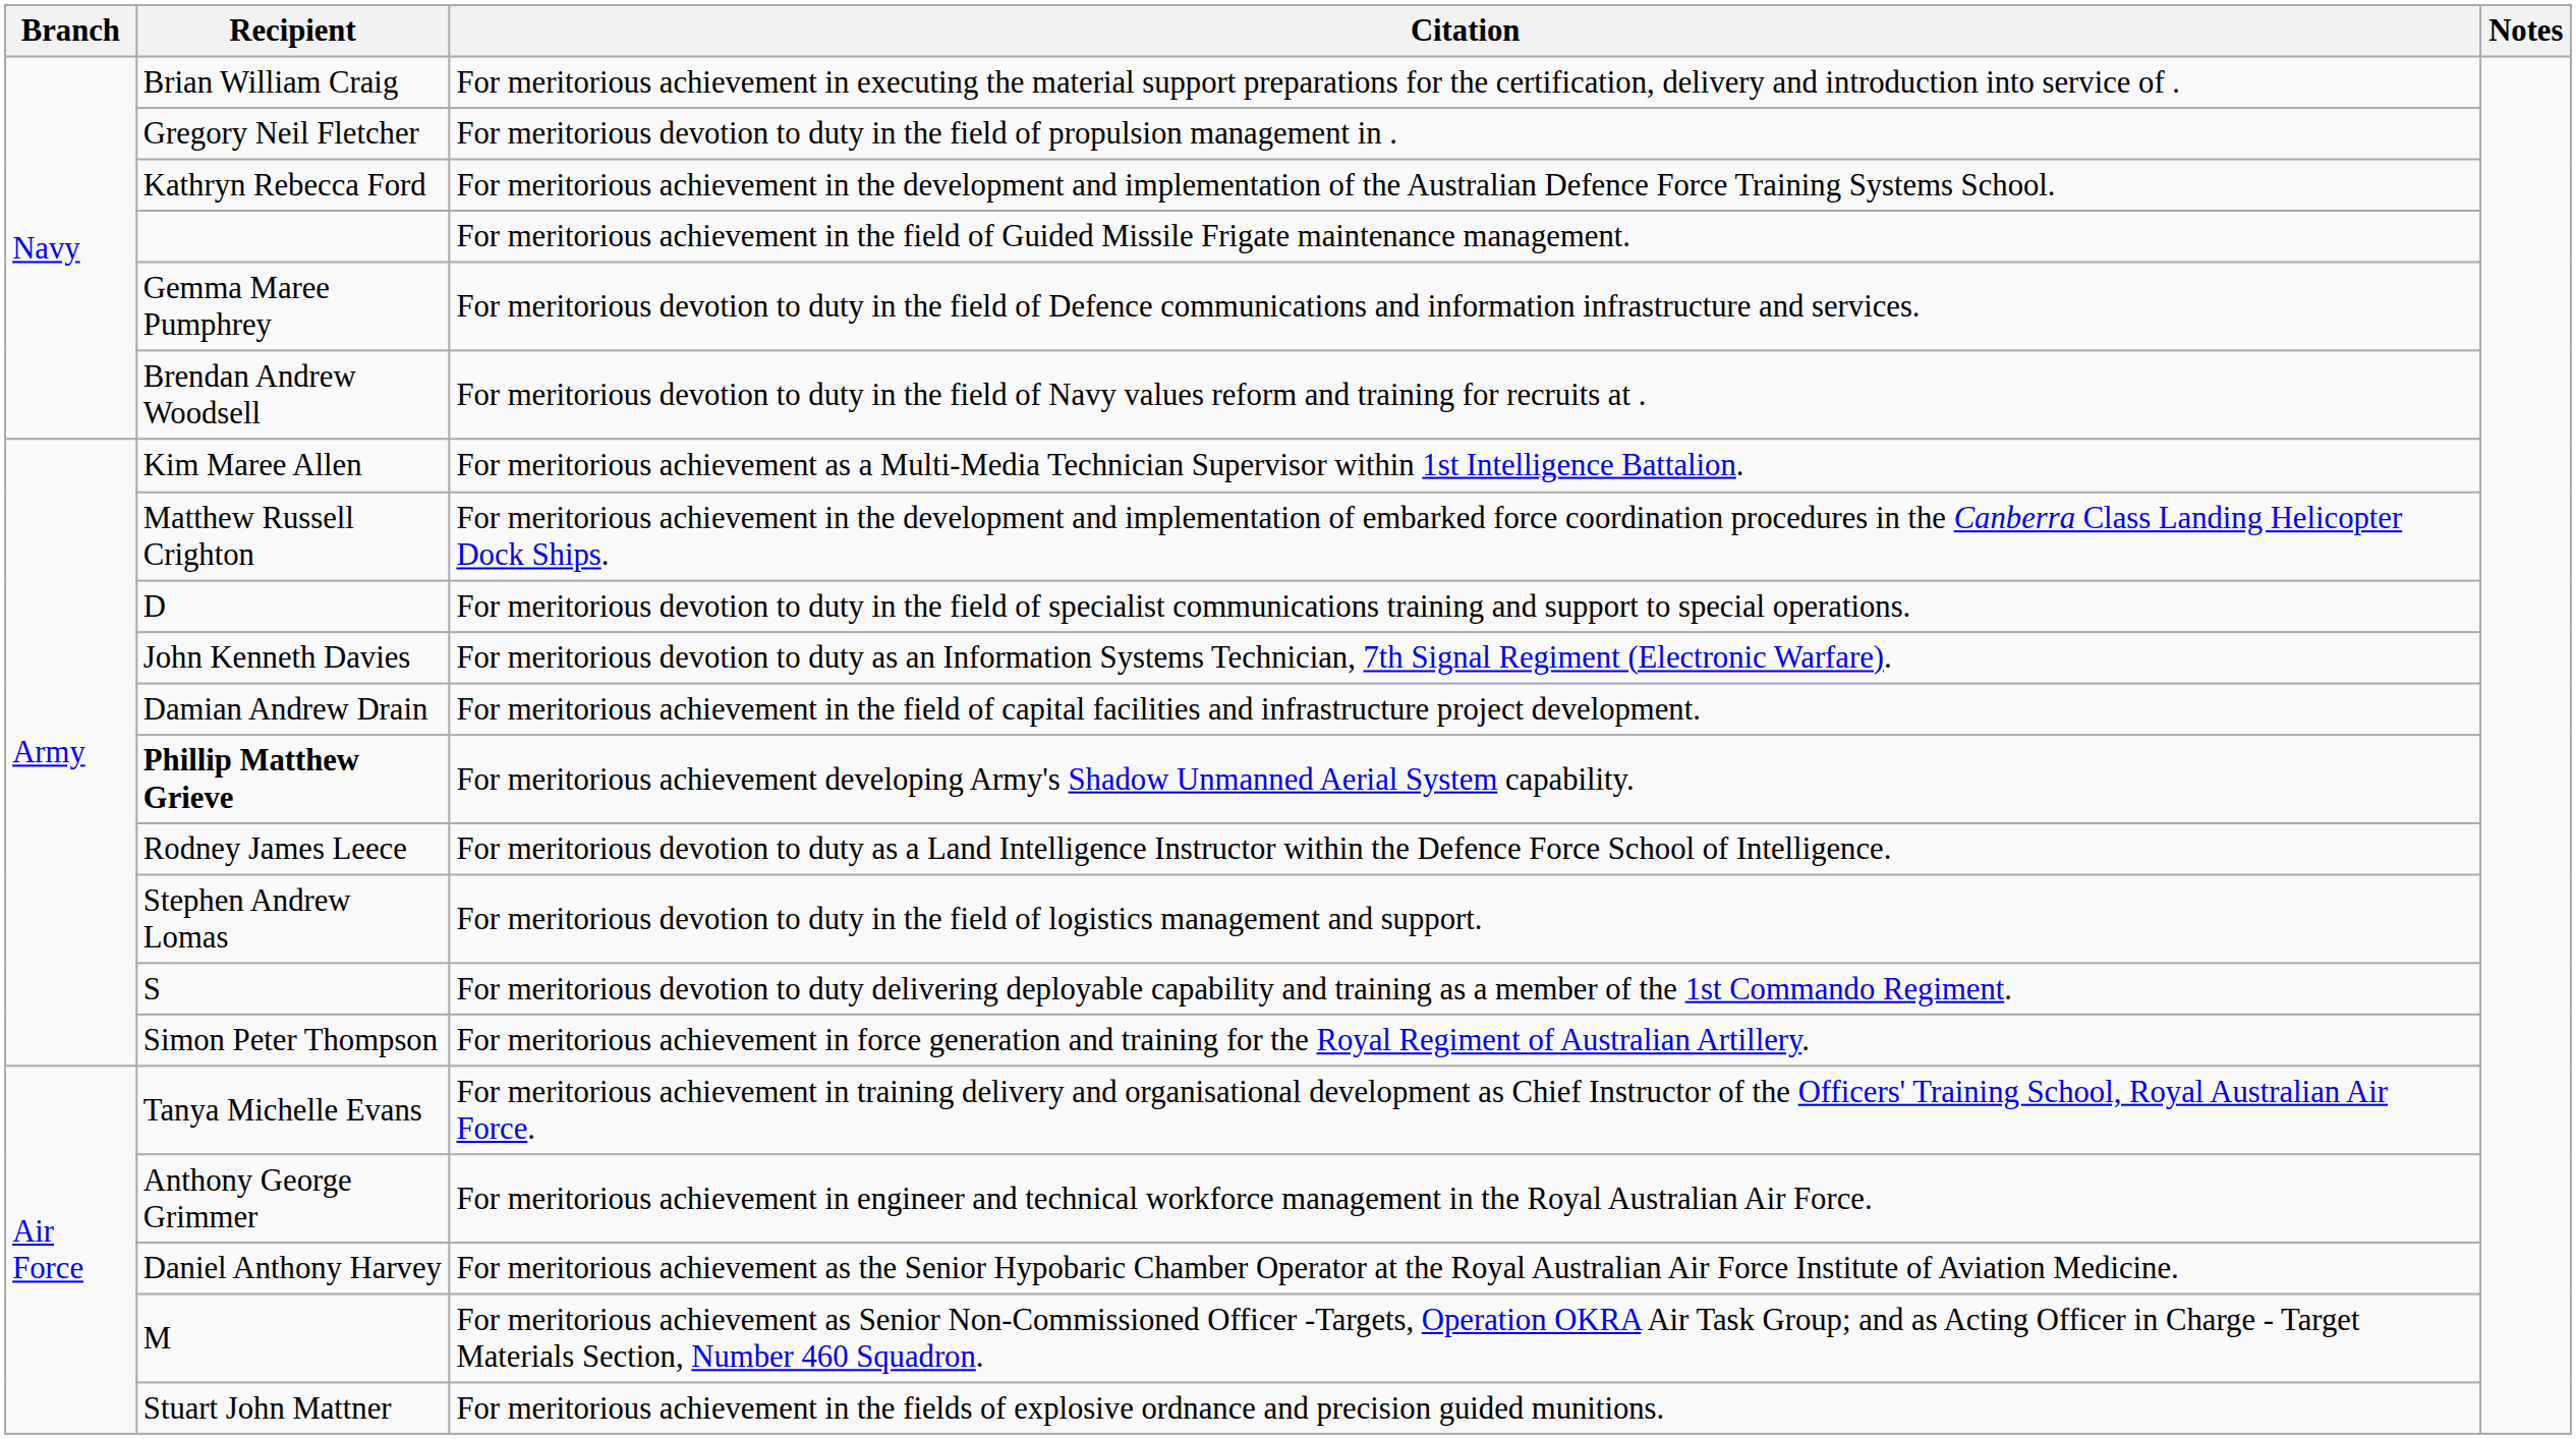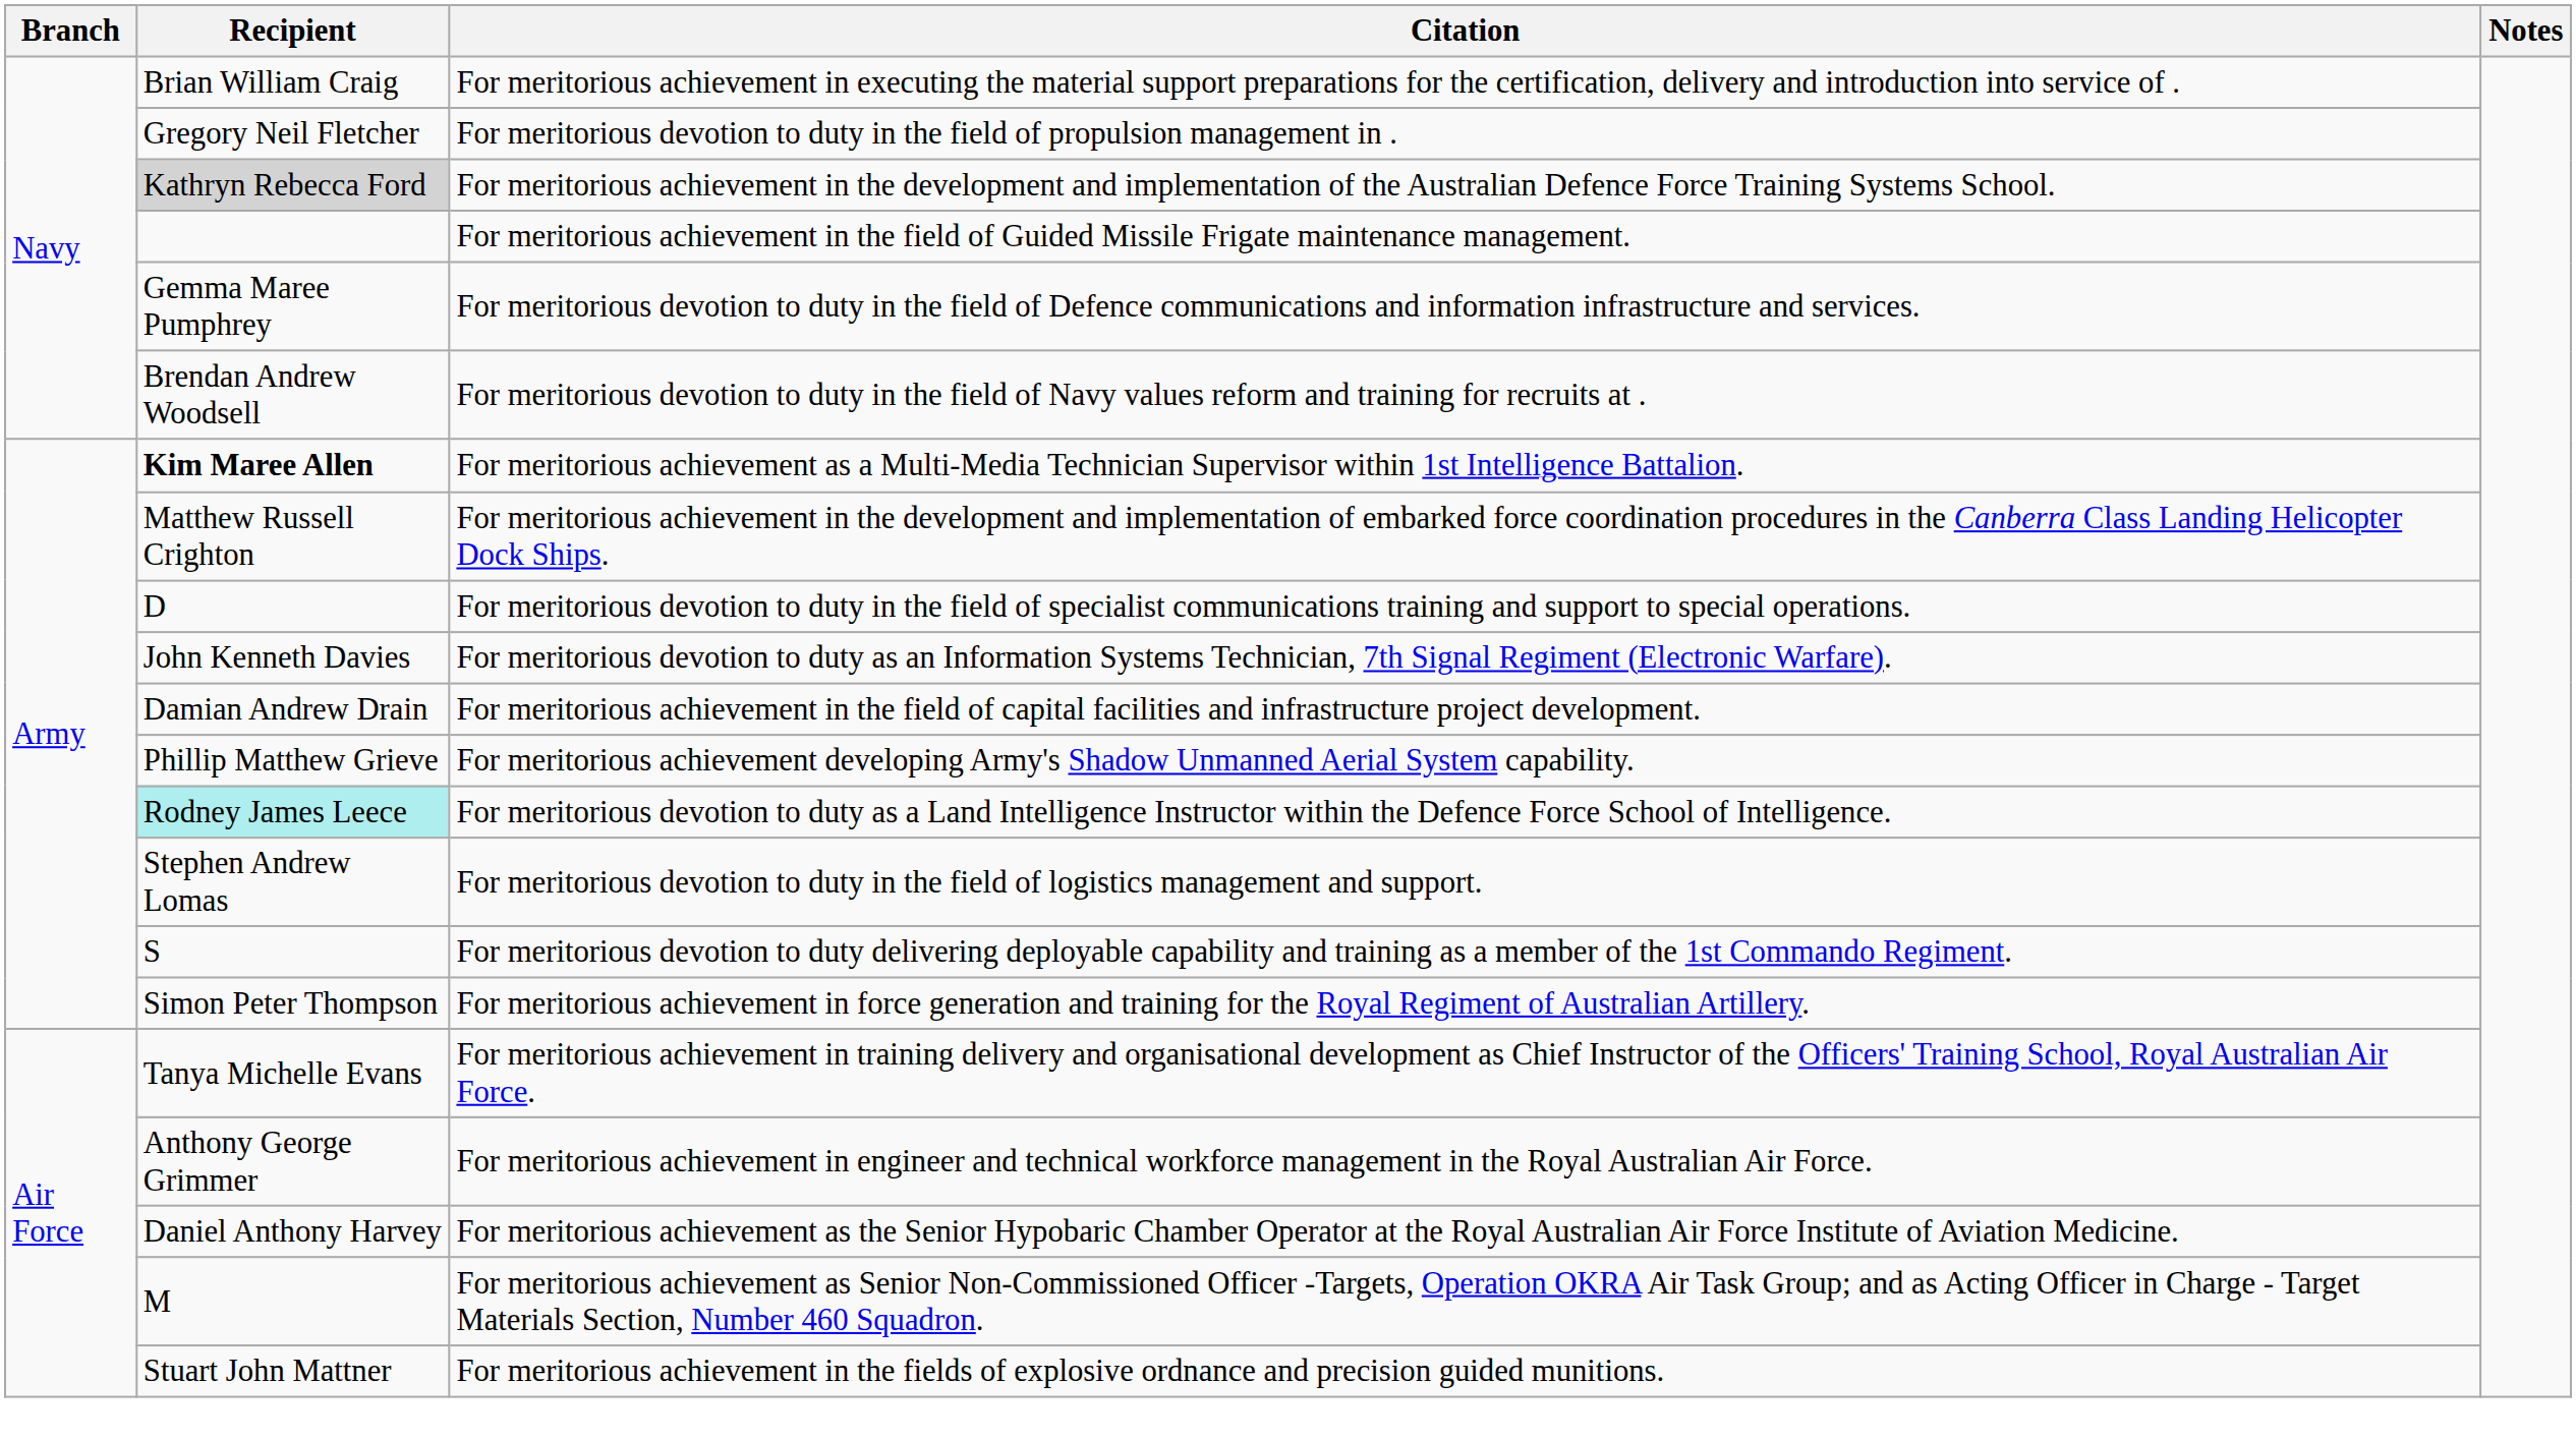 <table class="wikitable" style="font-size:95%;">
 <tr>
 <th>Branch</th>
 <th>Recipient</th>
 <th>Citation</th>
 <th>Notes</th>
 </tr>
 <tr>
 <td rowspan=6><a href='#'>Navy</a></td>
 <td> Brian William Craig</td>
 <td>For meritorious achievement in executing the material support preparations for the certification, delivery and introduction into service of .</td>
 <td rowspan=21></td>
 </tr>
 <tr>
 <td> Gregory Neil Fletcher</td>
 <td>For meritorious devotion to duty in the field of propulsion management in .</td>
 </tr>
 <tr>
-<td> Kathryn Rebecca Ford </td>
+<td style="background: lightgrey;"> Kathryn Rebecca Ford </td>
 <td>For meritorious achievement in the development and implementation of the Australian Defence Force Training Systems School.</td>
 </tr>
 <tr>
 <td></td>
 <td>For meritorious achievement in the field of Guided Missile Frigate maintenance management.</td>
 </tr>
 <tr>
 <td> Gemma Maree Pumphrey </td>
 <td>For meritorious devotion to duty in the field of Defence communications and information infrastructure and services.</td>
 </tr>
 <tr>
 <td> Brendan Andrew Woodsell </td>
 <td>For meritorious devotion to duty in the field of Navy values reform and training for recruits at .</td>
 </tr>
 <tr>
 <td rowspan=10><a href='#'>Army</a></td>
-<td> Kim Maree Allen</td>
+<td><strong> Kim Maree Allen</strong></td>
 <td>For meritorious achievement as a Multi-Media Technician Supervisor within <a href='#'>1st Intelligence Battalion</a>.</td>
 </tr>
 <tr>
 <td> Matthew Russell Crighton</td>
 <td>For meritorious achievement in the development and implementation of embarked force coordination procedures in the <a href='#'><em>Canberra</em> Class Landing Helicopter Dock Ships</a>.</td>
 </tr>
 <tr>
 <td> D</td>
 <td>For meritorious devotion to duty in the field of specialist communications training and support to special operations.</td>
 </tr>
 <tr>
 <td> John Kenneth Davies</td>
 <td>For meritorious devotion to duty as an Information Systems Technician, <a href='#'>7th Signal Regiment (Electronic Warfare)</a>.</td>
 </tr>
 <tr>
 <td> Damian Andrew Drain</td>
 <td>For meritorious achievement in the field of capital facilities and infrastructure project development.</td>
 </tr>
 <tr>
-<td><strong> Phillip Matthew Grieve</strong></td>
+<td> Phillip Matthew Grieve</td>
 <td>For meritorious achievement developing Army's <a href='#'>Shadow Unmanned Aerial System</a> capability.</td>
 </tr>
 <tr>
-<td> Rodney James Leece</td>
+<td style="background: paleturquoise;"> Rodney James Leece</td>
 <td>For meritorious devotion to duty as a Land Intelligence Instructor within the Defence Force School of Intelligence.</td>
 </tr>
 <tr>
 <td> Stephen Andrew Lomas</td>
 <td>For meritorious devotion to duty in the field of logistics management and support.</td>
 </tr>
 <tr>
 <td> S</td>
 <td>For meritorious devotion to duty delivering deployable capability and training as a member of the <a href='#'>1st Commando Regiment</a>.</td>
 </tr>
 <tr>
 <td> Simon Peter Thompson</td>
 <td>For meritorious achievement in force generation and training for the <a href='#'>Royal Regiment of Australian Artillery</a>.</td>
 </tr>
 <tr>
 <td rowspan=5><a href='#'>Air Force</a></td>
 <td> Tanya Michelle Evans</td>
 <td>For meritorious achievement in training delivery and organisational development as Chief Instructor of the <a href='#'>Officers' Training School, Royal Australian Air Force</a>.</td>
 </tr>
 <tr>
 <td> Anthony George Grimmer</td>
 <td>For meritorious achievement in engineer and technical workforce management in the Royal Australian Air Force.</td>
 </tr>
 <tr>
 <td> Daniel Anthony Harvey</td>
 <td>For meritorious achievement as the Senior Hypobaric Chamber Operator at the Royal Australian Air Force Institute of Aviation Medicine.</td>
 </tr>
 <tr>
 <td> M</td>
 <td>For meritorious achievement as Senior Non-Commissioned Officer -Targets, <a href='#'>Operation OKRA</a> Air Task Group; and as Acting Officer in Charge - Target Materials Section, <a href='#'>Number 460 Squadron</a>.</td>
 </tr>
 <tr>
 <td> Stuart John Mattner</td>
 <td>For meritorious achievement in the fields of explosive ordnance and precision guided munitions.</td>
 </tr>
 </table>
